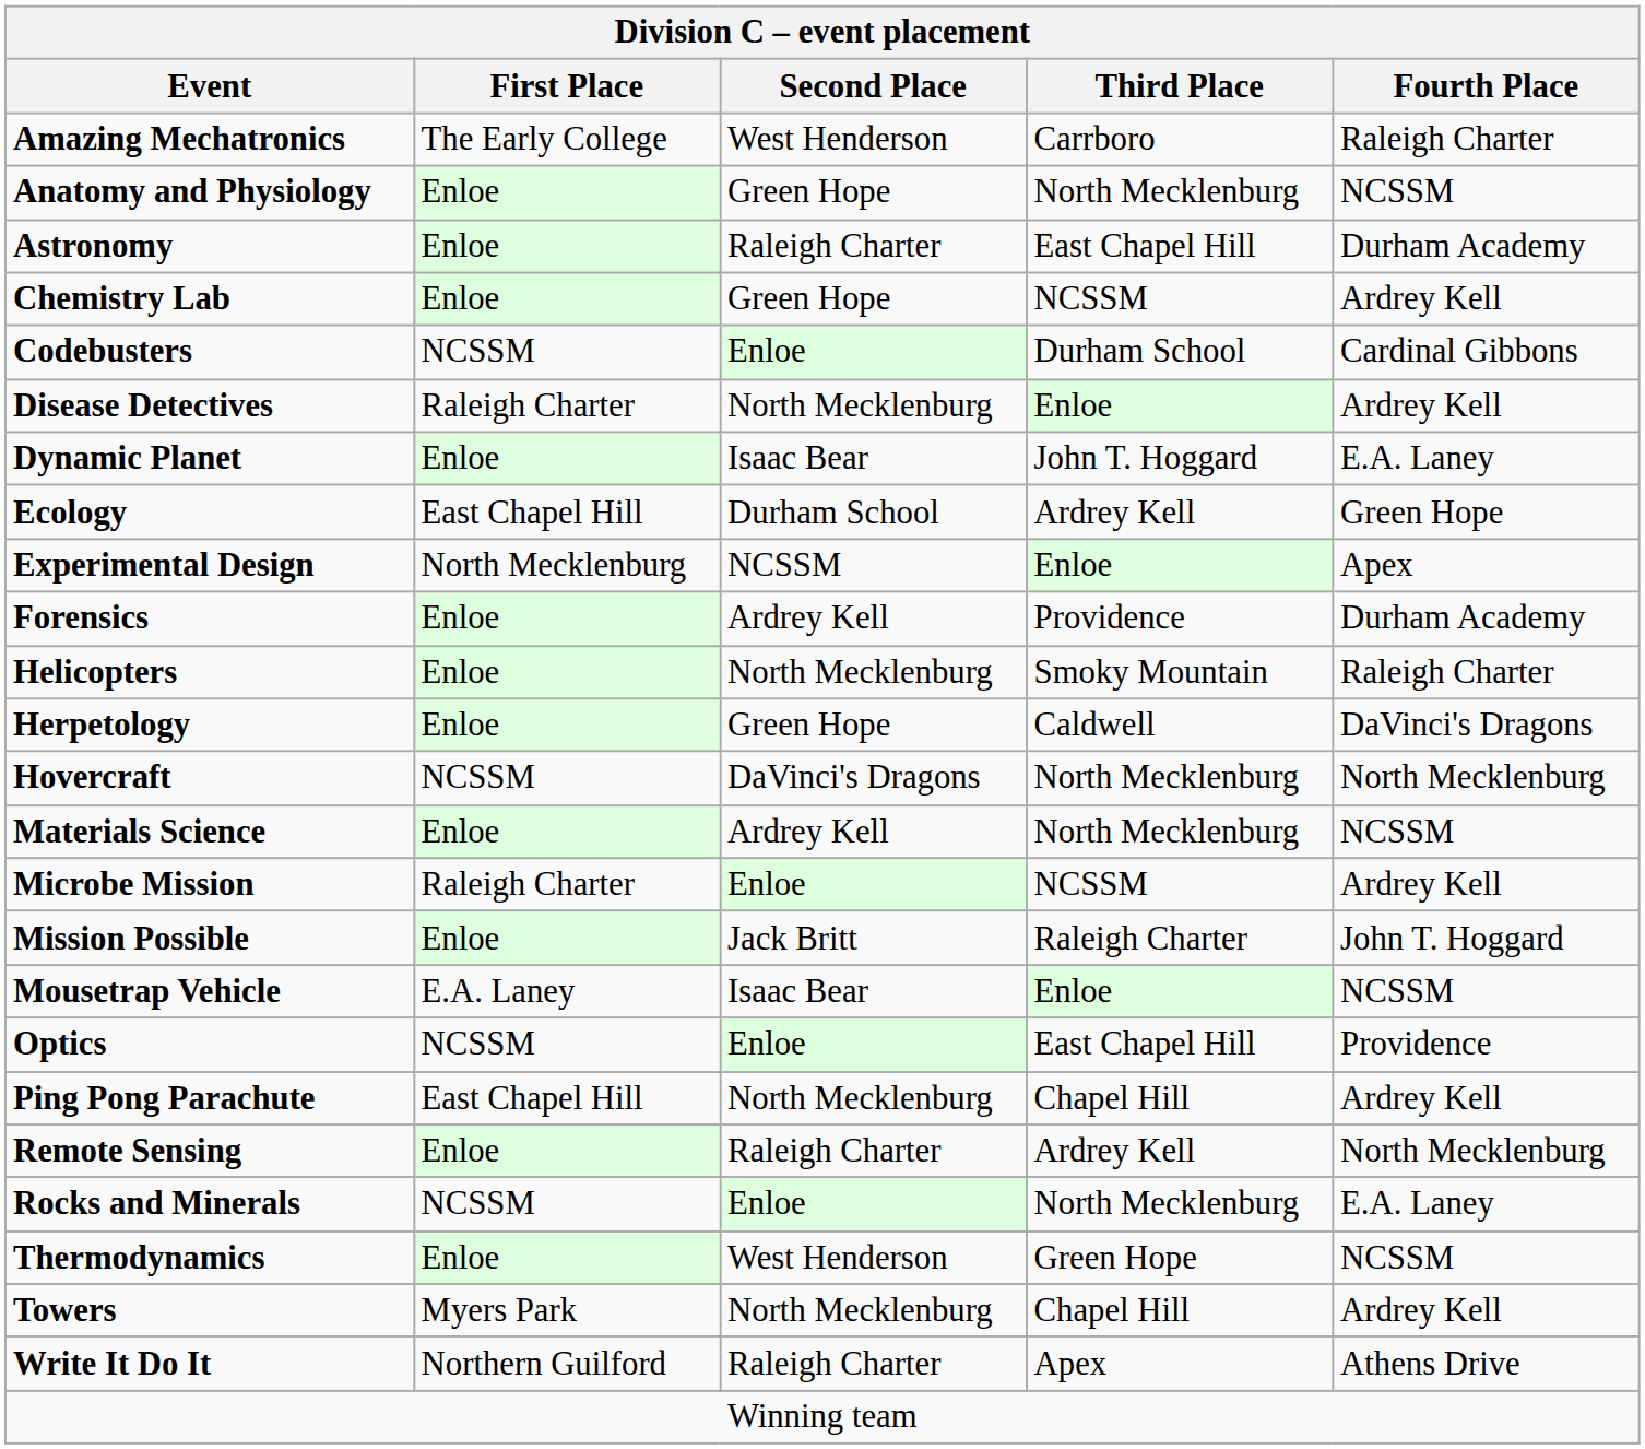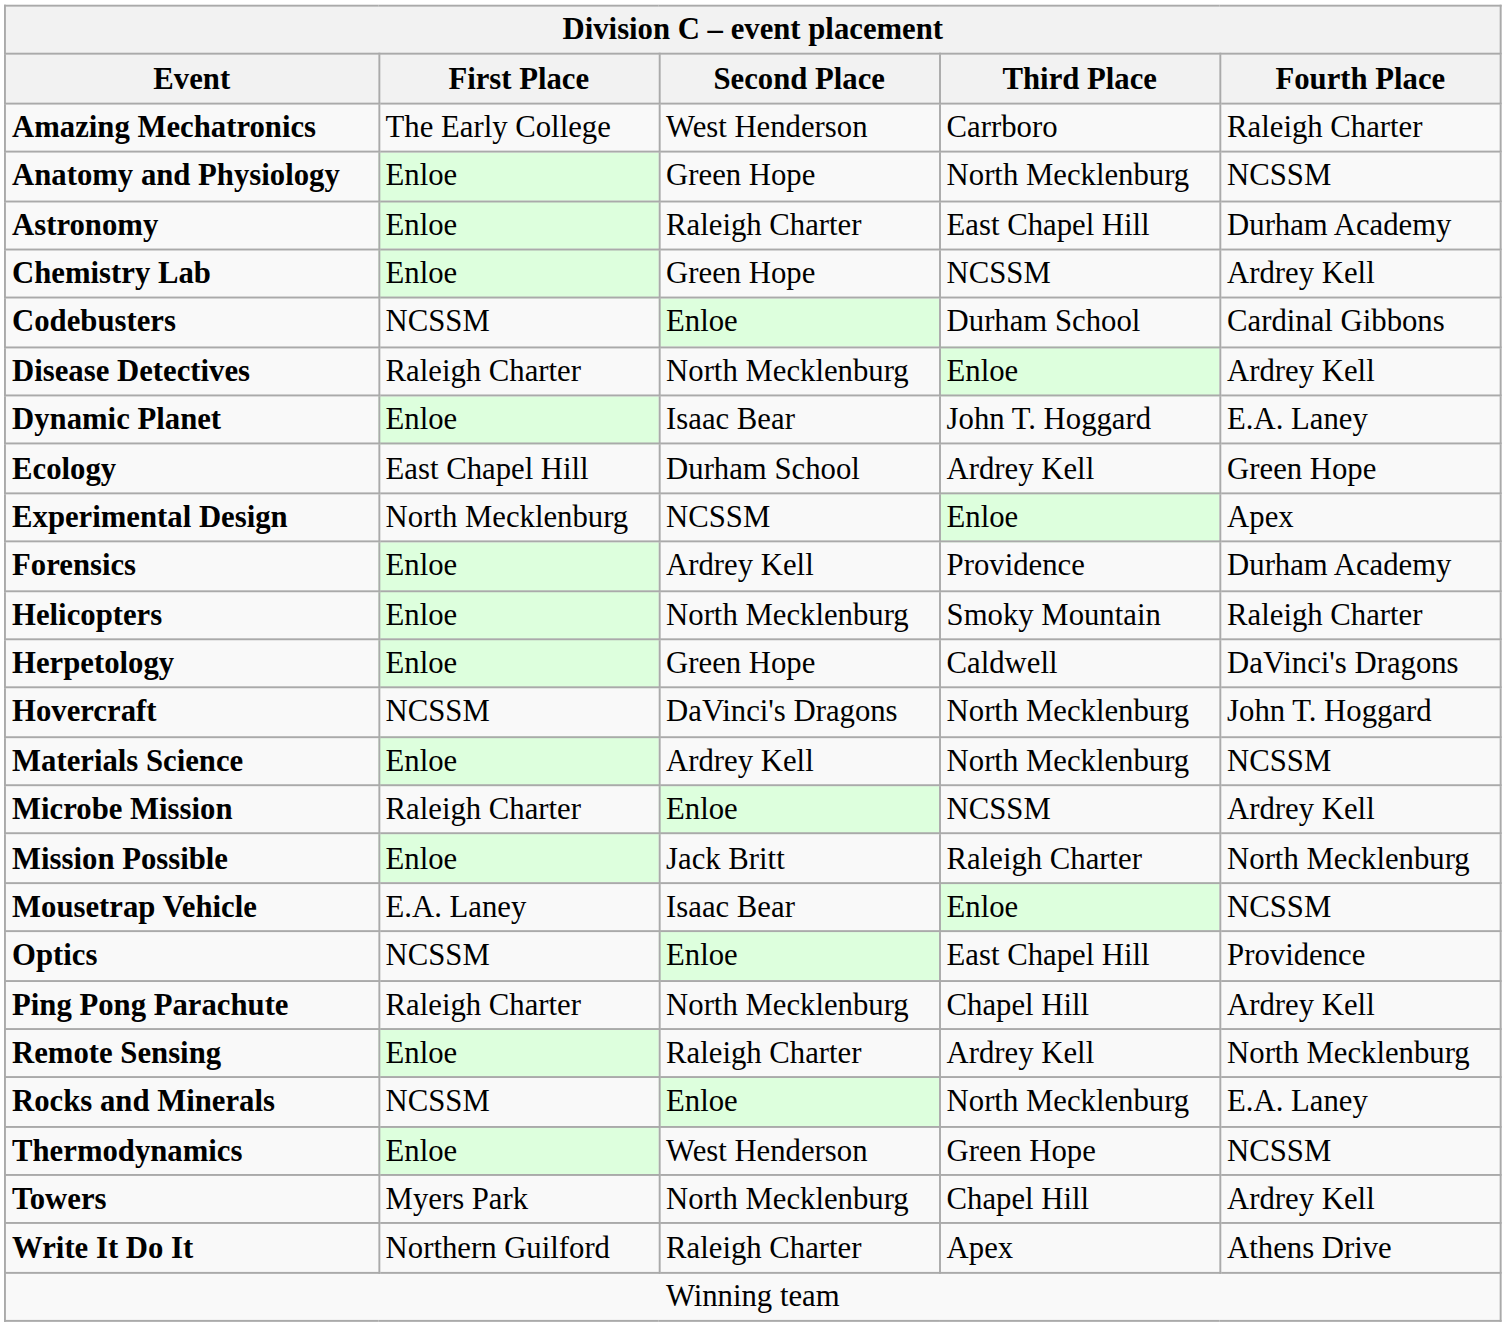 <table class="wikitable collapsible collapsed" style="float:left; width:780px">
 <tr>
 <th colspan=5>Division C – event placement</th>
 </tr>
 <tr>
 <th>Event</th>
 <th>First Place</th>
 <th>Second Place</th>
 <th>Third Place</th>
 <th>Fourth Place</th>
 </tr>
 <tr>
 <td><strong>Amazing Mechatronics</strong></td>
 <td>The Early College</td>
 <td>West Henderson</td>
 <td>Carrboro</td>
 <td>Raleigh Charter</td>
 </tr>
 <tr>
 <td><strong>Anatomy and Physiology</strong></td>
 <td style="background:#ddffdd">Enloe</td>
 <td>Green Hope</td>
 <td>North Mecklenburg</td>
 <td>NCSSM</td>
 </tr>
 <tr>
 <td><strong>Astronomy</strong></td>
 <td style="background:#ddffdd">Enloe</td>
 <td>Raleigh Charter</td>
 <td>East Chapel Hill</td>
 <td>Durham Academy</td>
 </tr>
 <tr>
 <td><strong>Chemistry Lab</strong></td>
 <td style="background:#ddffdd">Enloe</td>
 <td>Green Hope</td>
 <td>NCSSM</td>
 <td>Ardrey Kell</td>
 </tr>
 <tr>
 <td><strong>Codebusters</strong></td>
 <td>NCSSM</td>
 <td style="background:#ddffdd">Enloe</td>
 <td>Durham School</td>
 <td>Cardinal Gibbons</td>
 </tr>
 <tr>
 <td><strong>Disease Detectives</strong></td>
 <td>Raleigh Charter</td>
 <td>North Mecklenburg</td>
 <td style="background:#ddffdd">Enloe</td>
 <td>Ardrey Kell</td>
 </tr>
 <tr>
 <td><strong>Dynamic Planet</strong></td>
 <td style="background:#ddffdd">Enloe</td>
 <td>Isaac Bear</td>
 <td>John T. Hoggard</td>
 <td>E.A. Laney</td>
 </tr>
 <tr>
 <td><strong>Ecology</strong></td>
 <td>East Chapel Hill</td>
 <td>Durham School</td>
 <td>Ardrey Kell</td>
 <td>Green Hope</td>
 </tr>
 <tr>
 <td><strong>Experimental Design</strong></td>
 <td>North Mecklenburg</td>
 <td>NCSSM</td>
 <td style="background:#ddffdd">Enloe</td>
 <td>Apex</td>
 </tr>
 <tr>
 <td><strong>Forensics</strong></td>
 <td style="background:#ddffdd">Enloe</td>
 <td>Ardrey Kell</td>
 <td>Providence</td>
 <td>Durham Academy</td>
 </tr>
 <tr>
 <td><strong>Helicopters</strong></td>
 <td style="background:#ddffdd">Enloe</td>
 <td>North Mecklenburg</td>
 <td>Smoky Mountain</td>
 <td>Raleigh Charter</td>
 </tr>
 <tr>
 <td><strong>Herpetology</strong></td>
 <td style="background:#ddffdd">Enloe</td>
 <td>Green Hope</td>
 <td>Caldwell</td>
 <td>DaVinci's Dragons</td>
 </tr>
 <tr>
 <td><strong>Hovercraft</strong></td>
 <td>NCSSM</td>
 <td>DaVinci's Dragons</td>
 <td>North Mecklenburg</td>
-<td>North Mecklenburg</td>
+<td>John T. Hoggard</td>
 </tr>
 <tr>
 <td><strong>Materials Science</strong></td>
 <td style="background:#ddffdd">Enloe</td>
 <td>Ardrey Kell</td>
 <td>North Mecklenburg</td>
 <td>NCSSM</td>
 </tr>
 <tr>
 <td><strong>Microbe Mission</strong></td>
 <td>Raleigh Charter</td>
 <td style="background:#ddffdd">Enloe</td>
 <td>NCSSM</td>
 <td>Ardrey Kell</td>
 </tr>
 <tr>
 <td><strong>Mission Possible</strong></td>
 <td style="background:#ddffdd">Enloe</td>
 <td>Jack Britt</td>
 <td>Raleigh Charter</td>
-<td>John T. Hoggard</td>
+<td>North Mecklenburg</td>
 </tr>
 <tr>
 <td><strong>Mousetrap Vehicle</strong></td>
 <td>E.A. Laney</td>
 <td>Isaac Bear</td>
 <td style="background:#ddffdd">Enloe</td>
 <td>NCSSM</td>
 </tr>
 <tr>
 <td><strong>Optics</strong></td>
 <td>NCSSM</td>
 <td style="background:#ddffdd">Enloe</td>
 <td>East Chapel Hill</td>
 <td>Providence</td>
 </tr>
 <tr>
 <td><strong>Ping Pong Parachute</strong></td>
-<td>East Chapel Hill</td>
+<td>Raleigh Charter</td>
 <td>North Mecklenburg</td>
 <td>Chapel Hill</td>
 <td>Ardrey Kell</td>
 </tr>
 <tr>
 <td><strong>Remote Sensing</strong></td>
 <td style="background:#ddffdd">Enloe</td>
 <td>Raleigh Charter</td>
 <td>Ardrey Kell</td>
 <td>North Mecklenburg</td>
 </tr>
 <tr>
 <td><strong>Rocks and Minerals</strong></td>
 <td>NCSSM</td>
 <td style="background:#ddffdd">Enloe</td>
 <td>North Mecklenburg</td>
 <td>E.A. Laney</td>
 </tr>
 <tr>
 <td><strong>Thermodynamics</strong></td>
 <td style="background:#ddffdd">Enloe</td>
 <td>West Henderson</td>
 <td>Green Hope</td>
 <td>NCSSM</td>
 </tr>
 <tr>
 <td><strong>Towers</strong></td>
 <td>Myers Park</td>
 <td>North Mecklenburg</td>
 <td>Chapel Hill</td>
 <td>Ardrey Kell</td>
 </tr>
 <tr>
 <td><strong>Write It Do It</strong></td>
 <td>Northern Guilford</td>
 <td>Raleigh Charter</td>
 <td>Apex</td>
 <td>Athens Drive</td>
 </tr>
 <tr>
 <td colspan=5 style=text-align:center> Winning team</td>
 </tr>
 </table>
